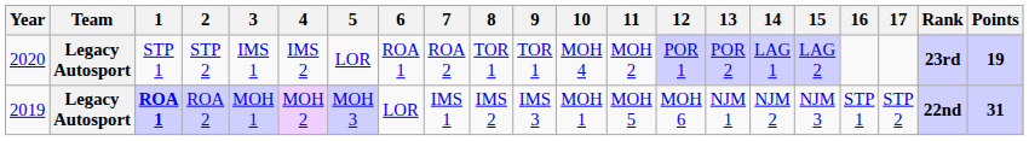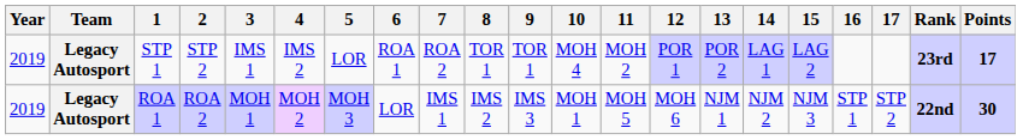 <table class="wikitable" style="text-align:center; font-size:90%">
 <tr>
 <th>Year</th>
 <th>Team</th>
 <th>1</th>
 <th>2</th>
 <th>3</th>
 <th>4</th>
 <th>5</th>
 <th>6</th>
 <th>7</th>
 <th>8</th>
 <th>9</th>
 <th>10</th>
 <th>11</th>
 <th>12</th>
 <th>13</th>
 <th>14</th>
 <th>15</th>
 <th>16</th>
 <th>17</th>
 <th>Rank</th>
 <th>Points</th>
 </tr>
 <tr>
-<td><a href='#'>2020</a></td>
+<td><a href='#'>2019</a></td>
 <th>Legacy Autosport</th>
 <td><a href='#'>STP<br>1</a></td>
 <td><a href='#'>STP<br>2</a></td>
 <td><a href='#'>IMS<br>1</a></td>
 <td><a href='#'>IMS<br>2</a></td>
 <td><a href='#'>LOR</a></td>
 <td><a href='#'>ROA<br>1</a></td>
 <td><a href='#'>ROA<br>2</a></td>
 <td><a href='#'>TOR<br>1</a></td>
 <td><a href='#'>TOR<br>1</a></td>
 <td><a href='#'>MOH<br>4</a></td>
 <td><a href='#'>MOH<br>2</a></td>
 <td style="background:#CFCFFF;"><a href='#'>POR<br>1</a><br></td>
 <td style="background:#CFCFFF;"><a href='#'>POR<br>2</a><br></td>
 <td style="background:#CFCFFF;"><a href='#'>LAG<br>1</a><br></td>
 <td style="background:#CFCFFF;"><a href='#'>LAG<br>2</a><br></td>
 <td></td>
 <td></td>
 <th style="background:#CFCFFF;">23rd</th>
-<th style="background:#CFCFFF;">19</th>
+<th style="background:#CFCFFF;">17</th>
 </tr>
 <tr>
 <td><a href='#'>2019</a></td>
 <th>Legacy Autosport</th>
-<td style="background:#cfcfff;"><strong><a href='#'>ROA<br>1</a><br></strong></td>
+<td style="background:#cfcfff;"><a href='#'>ROA<br>1</a><br></td>
 <td style="background:#cfcfff;"><a href='#'>ROA<br>2</a><br></td>
 <td style="background:#cfcfff;"><a href='#'>MOH<br>1</a><br></td>
 <td style="background:#efcfff;"><a href='#'>MOH<br>2</a><br></td>
 <td style="background:#cfcfff;"><a href='#'>MOH<br>3</a><br></td>
 <td><a href='#'>LOR</a><br></td>
 <td><a href='#'>IMS<br>1</a></td>
 <td><a href='#'>IMS<br>2</a></td>
 <td><a href='#'>IMS<br>3</a></td>
 <td><a href='#'>MOH<br>1</a></td>
 <td><a href='#'>MOH<br>5</a></td>
 <td><a href='#'>MOH<br>6</a></td>
 <td><a href='#'>NJM<br>1</a></td>
 <td><a href='#'>NJM<br>2</a></td>
 <td><a href='#'>NJM<br>3</a></td>
 <td><a href='#'>STP<br>1</a></td>
 <td><a href='#'>STP<br>2</a></td>
 <th style="background:#CFCFFF;">22nd</th>
-<th style="background:#CFCFFF;">31</th>
+<th style="background:#CFCFFF;">30</th>
 </tr>
 </table>
